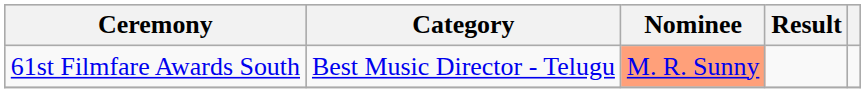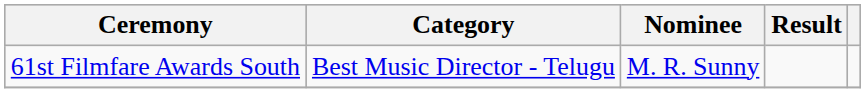 <table class="wikitable">
 <tr>
 <th>Ceremony</th>
 <th>Category</th>
 <th>Nominee</th>
 <th>Result</th>
 <th></th>
 </tr>
 <tr>
 <td><a href='#'>61st Filmfare Awards South</a></td>
 <td><a href='#'>Best Music Director - Telugu</a></td>
-<td style="background: lightsalmon;"><a href='#'>M. R. Sunny</a></td>
+<td><a href='#'>M. R. Sunny</a></td>
 <td></td>
 <td></td>
 </tr>
 <tr>
 </tr>
 </table>
